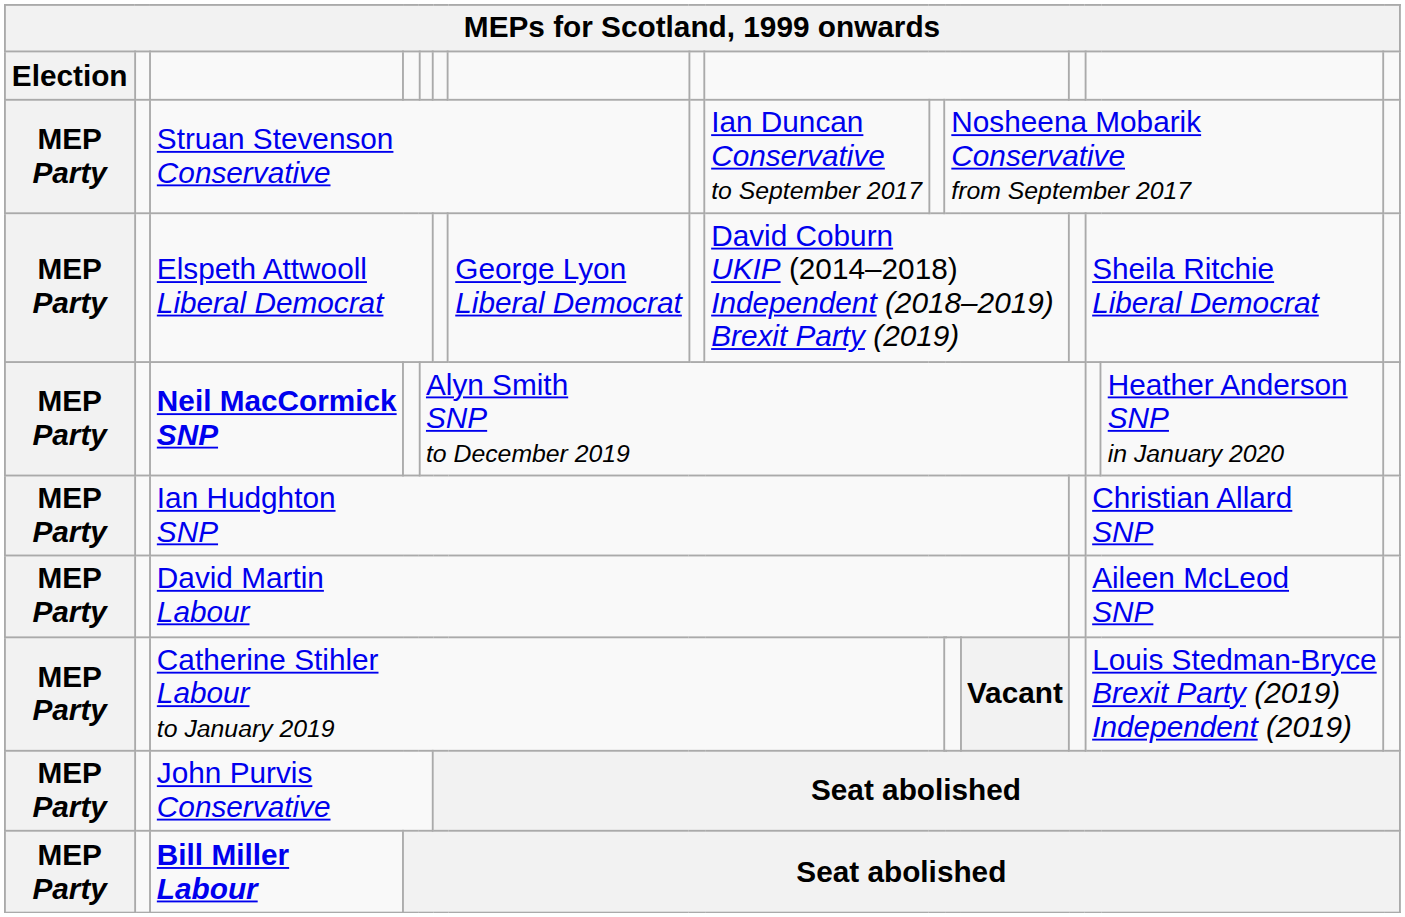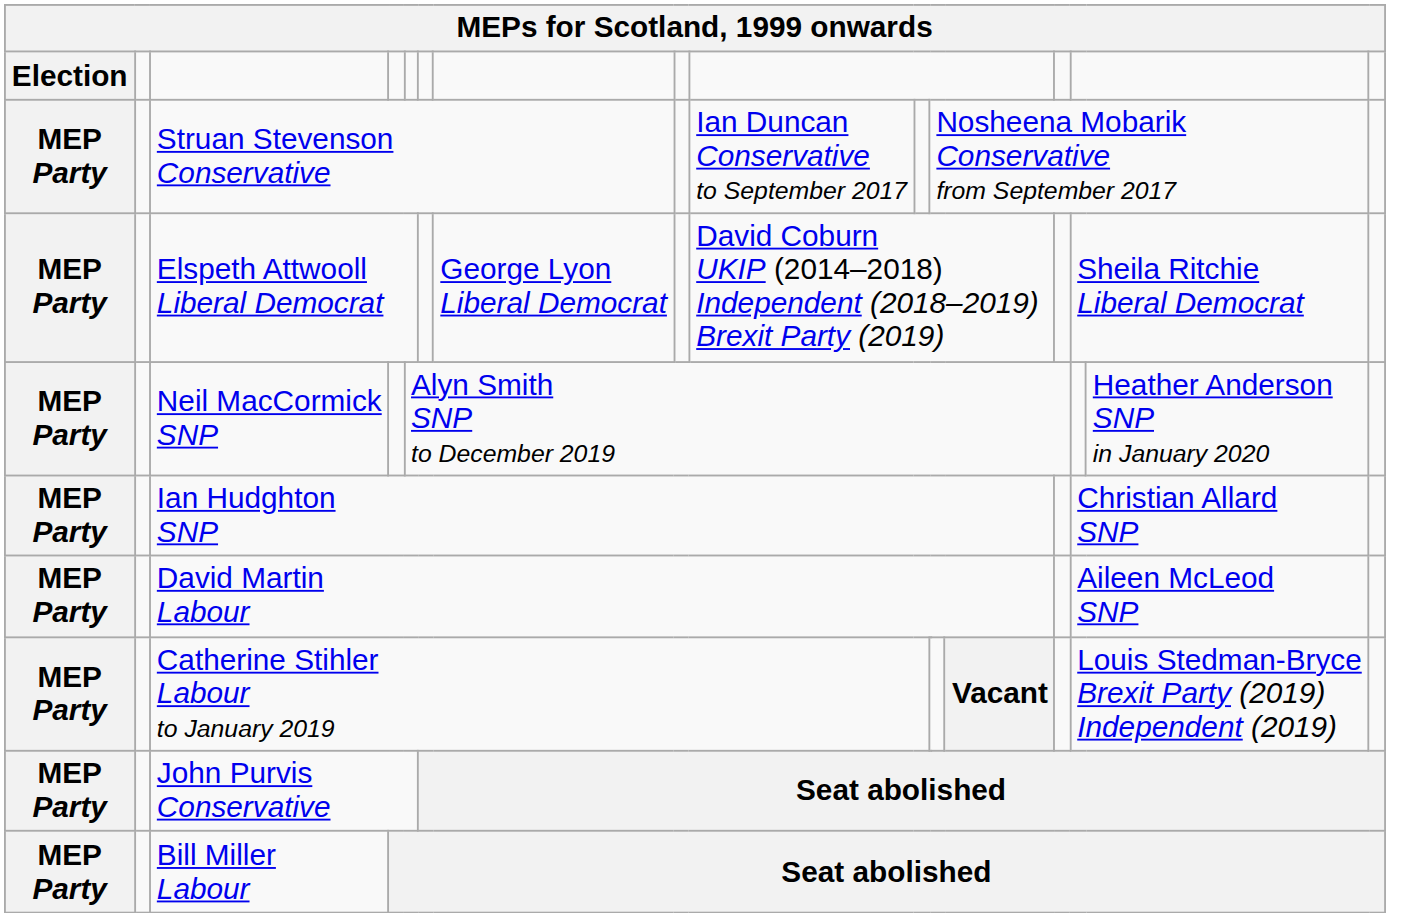 <table class="wikitable">
 <tr>
 <th colspan = 17>MEPs for Scotland, 1999 onwards</th>
 </tr>
 <tr>
 <th>Election</th>
 <td width=1px></td>
 <td></td>
 <td width=1px></td>
 <td></td>
 <td width=1px></td>
 <td></td>
 <td width=1px></td>
 <td colspan = 5></td>
 <td width=1px></td>
 <td colspan = 2></td>
 <td width=1px></td>
 </tr>
 <tr>
 <th>MEP<br><em>Party</em></th>
 <td width=1px style="color:inherit;background-color: "></td>
 <td colspan = 5><a href='#'>Struan Stevenson</a><br><em><a href='#'>Conservative</a></em></td>
 <td width=1px style="color:inherit;background-color: "></td>
 <td><a href='#'>Ian Duncan</a><br><em><a href='#'>Conservative</a><br><small>to September 2017</small></em></td>
 <td width=1px style="color:inherit;background-color: "></td>
 <td colspan = 6><a href='#'>Nosheena Mobarik</a><br><em><a href='#'>Conservative</a><br><small>from September 2017</small></em></td>
 <td width=1px style="color:inherit;background-color: "></td>
 </tr>
 <tr>
 <th>MEP<br><em>Party</em></th>
 <td width=1px style="color:inherit;background-color: "></td>
 <td colspan = 3><a href='#'>Elspeth Attwooll</a><br><em><a href='#'>Liberal Democrat</a></em></td>
 <td width=1px style="color:inherit;background-color: "></td>
 <td><a href='#'>George Lyon</a><br><em><a href='#'>Liberal Democrat</a></em></td>
 <td width=1px style="color:inherit;background-color: "></td>
 <td colspan = 5><a href='#'>David Coburn</a><br><em><a href='#'>UKIP</a></em> (2014–2018)<br> <em><a href='#'>Independent</a> (2018–2019)<br><a href='#'>Brexit Party</a> (2019)</em></td>
 <td width=1px style="color:inherit;background-color: "></td>
 <td colspan = 2><a href='#'>Sheila Ritchie</a><br><em><a href='#'>Liberal Democrat</a></em></td>
 <td width=1px style="color:inherit;background-color: "></td>
 </tr>
 <tr>
 <th>MEP<br><em>Party</em></th>
 <td width=1px style="color:inherit;background-color: "></td>
-<td><strong><a href='#'>Neil MacCormick</a><br><em><a href='#'>SNP</a></em></strong></td>
+<td><a href='#'>Neil MacCormick</a><br><em><a href='#'>SNP</a></em></td>
 <td width=1px style="color:inherit;background-color: "></td>
 <td colspan = 10><a href='#'>Alyn Smith</a><br><em><a href='#'>SNP</a><br><small>to December 2019</small></em></td>
 <td width=1px style="color:inherit;background-color: "></td>
 <td colspan = 1><a href='#'>Heather Anderson</a><br><em><a href='#'>SNP</a><br><small>in January 2020</small></em></td>
 <td width=1px style="color:inherit;background-color: "></td>
 </tr>
 <tr>
 <th>MEP<br><em>Party</em></th>
 <td width=1px style="color:inherit;background-color: "></td>
 <td colspan = 11><a href='#'>Ian Hudghton</a><br><em><a href='#'>SNP</a></em></td>
 <td width=1px style="color:inherit;background-color: "></td>
 <td colspan = 2><a href='#'>Christian Allard</a><br><em><a href='#'>SNP</a></em></td>
 <td width=1px style="color:inherit;background-color: "></td>
 </tr>
 <tr>
 <th>MEP<br><em>Party</em></th>
 <td width=1px style="color:inherit;background-color: "></td>
 <td colspan = 11><a href='#'>David Martin</a><br><em><a href='#'>Labour</a></em></td>
 <td width=1px style="color:inherit;background-color: "></td>
 <td colspan = 2><a href='#'>Aileen McLeod</a><br><em><a href='#'>SNP</a></em></td>
 <td width=1px style="color:inherit;background-color: "></td>
 </tr>
 <tr>
 <th>MEP<br><em>Party</em></th>
 <td width=1px style="color:inherit;background-color: "></td>
 <td colspan = 9><a href='#'>Catherine Stihler</a><br><em><a href='#'>Labour</a><br><small>to January 2019 </small></em></td>
 <td width=1px style="color:inherit;background-color: "></td>
 <th>Vacant</th>
 <td width=1px style="color:inherit;background-color: "></td>
 <td colspan = 2><a href='#'>Louis Stedman-Bryce</a><br><em><a href='#'>Brexit Party</a> (2019)</em><br><em><a href='#'>Independent</a> (2019)</em></td>
 <td width=1px style="color:inherit;background-color: "></td>
 </tr>
 <tr>
 <th>MEP<br><em>Party</em></th>
 <td width=1px style="color:inherit;background-color: "></td>
 <td colspan = 3><a href='#'>John Purvis</a><br><em><a href='#'>Conservative</a></em></td>
 <th colspan = 12>Seat abolished</th>
 </tr>
 <tr>
 <th>MEP<br><em>Party</em></th>
 <td width=1px style="color:inherit;background-color: "></td>
-<td><strong><a href='#'>Bill Miller</a><br><em><a href='#'>Labour</a></em></strong></td>
+<td><a href='#'>Bill Miller</a><br><em><a href='#'>Labour</a></em></td>
 <th colspan = 14>Seat abolished</th>
 </tr>
 </table>
